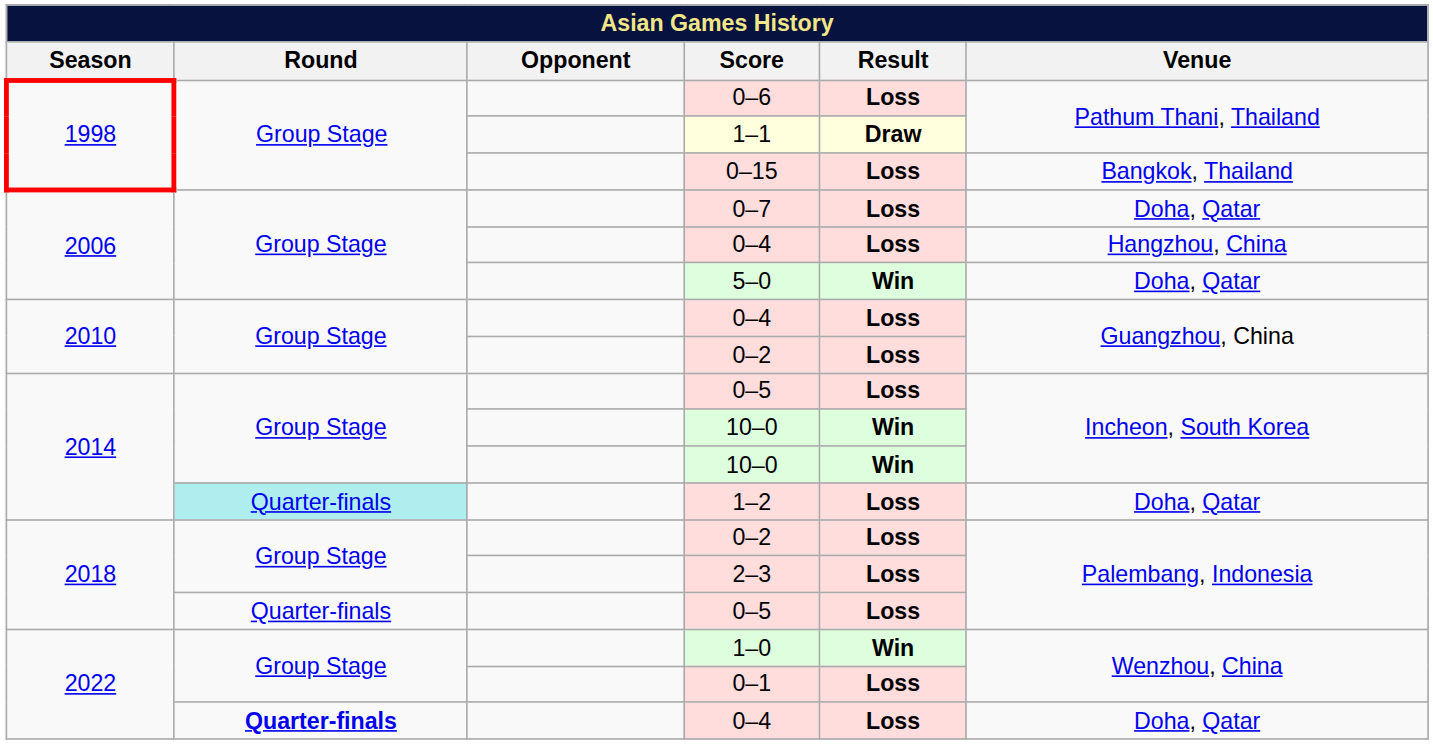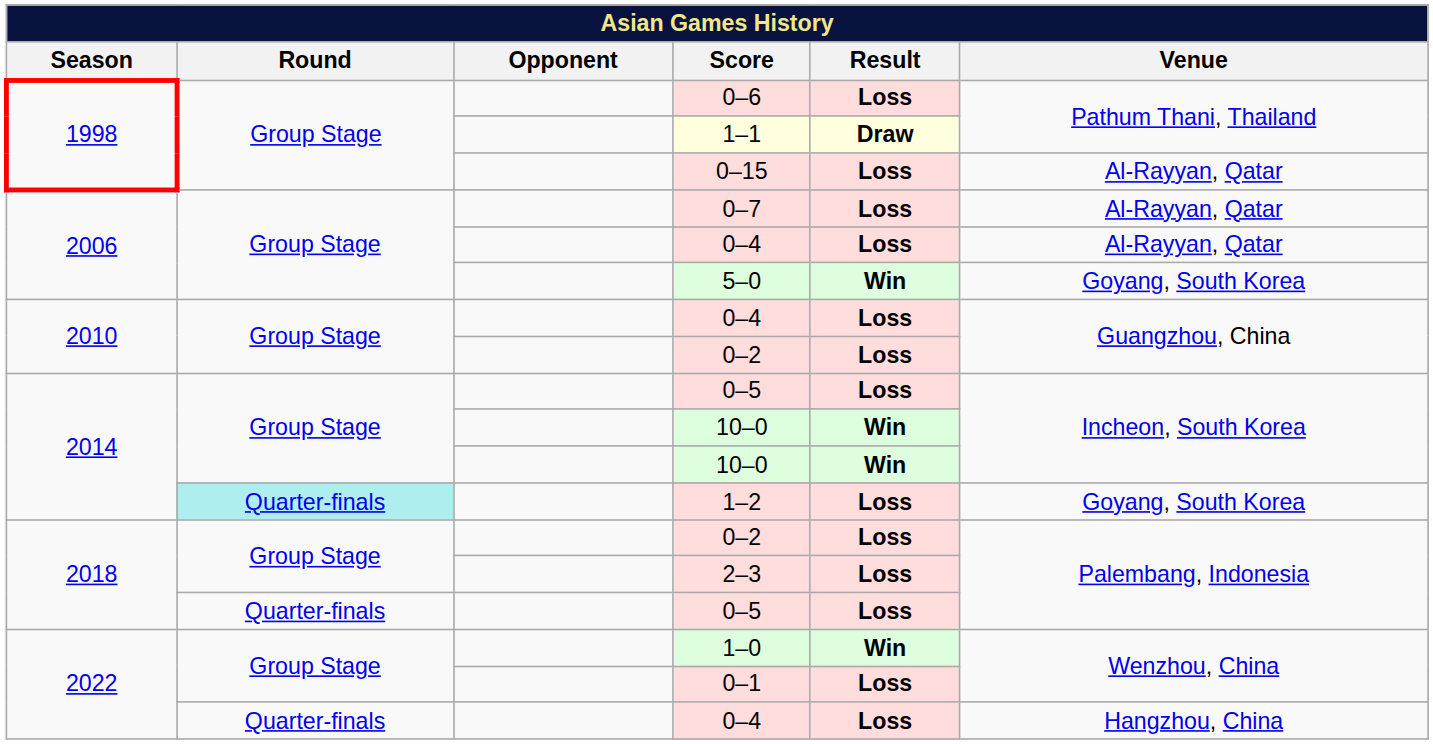 <table class="wikitable collapsible collapsed" style="text-align:center; font-size:90%; width:70%;">
 <tr>
 <th colspan="6" style="background: #07123F; color: #F1E788;">Asian Games History</th>
 </tr>
 <tr>
 <th>Season</th>
 <th>Round</th>
 <th>Opponent</th>
 <th>Score</th>
 <th>Result</th>
 <th>Venue</th>
 </tr>
 <tr>
 <td style="border: 3px solid red" rowspan=3> <a href='#'>1998</a></td>
 <td rowspan=3><a href='#'>Group Stage</a></td>
 <td style="text-align:left"></td>
 <td style="background:#fdd;">0–6</td>
 <td style="background:#fdd;"><strong>Loss</strong></td>
 <td rowspan=2> <a href='#'>Pathum Thani</a>, <a href='#'>Thailand</a></td>
 </tr>
 <tr>
 <td style="text-align:left"></td>
 <td style="background:#ffd;">1–1</td>
 <td style="background:#ffd;"><strong>Draw</strong></td>
 </tr>
 <tr>
 <td style="text-align:left"></td>
 <td style="background:#fdd;">0–15</td>
 <td style="background:#fdd;"><strong>Loss</strong></td>
-<td rowspan=1> <a href='#'>Bangkok</a>, <a href='#'>Thailand</a></td>
+<td rowspan=1> <a href='#'>Al-Rayyan</a>, <a href='#'>Qatar</a></td>
 </tr>
 <tr>
 <td rowspan=3> <a href='#'>2006</a></td>
 <td rowspan=3><a href='#'>Group Stage</a></td>
 <td style="text-align:left"></td>
 <td style="background:#fdd;">0–7</td>
 <td style="background:#fdd;"><strong>Loss</strong></td>
-<td rowspan=1> <a href='#'>Doha</a>, <a href='#'>Qatar</a></td>
+<td rowspan=1> <a href='#'>Al-Rayyan</a>, <a href='#'>Qatar</a></td>
 </tr>
 <tr>
 <td style="text-align:left"></td>
 <td style="background:#fdd;">0–4</td>
 <td style="background:#fdd;"><strong>Loss</strong></td>
-<td rowspan=1> <a href='#'>Hangzhou</a>, <a href='#'>China</a></td>
+<td rowspan=1> <a href='#'>Al-Rayyan</a>, <a href='#'>Qatar</a></td>
 </tr>
 <tr>
 <td style="text-align:left"></td>
 <td style="background:#dfd;">5–0</td>
 <td style="background:#dfd;"><strong>Win</strong></td>
-<td rowspan=1> <a href='#'>Doha</a>, <a href='#'>Qatar</a></td>
+<td rowspan=1> <a href='#'>Goyang</a>, <a href='#'>South Korea</a></td>
 </tr>
 <tr>
 <td rowspan=2> <a href='#'>2010</a></td>
 <td rowspan=2><a href='#'>Group Stage</a></td>
 <td style="text-align:left"></td>
 <td style="background:#fdd;">0–4</td>
 <td style="background:#fdd;"><strong>Loss</strong></td>
 <td rowspan=2> <a href='#'>Guangzhou</a>, China</td>
 </tr>
 <tr>
 <td style="text-align:left"></td>
 <td style="background:#fdd;">0–2</td>
 <td style="background:#fdd;"><strong>Loss</strong></td>
 </tr>
 <tr>
 <td rowspan=4> <a href='#'>2014</a></td>
 <td rowspan=3><a href='#'>Group Stage</a></td>
 <td style="text-align:left"></td>
 <td style="background:#fdd;">0–5</td>
 <td style="background:#fdd;"><strong>Loss</strong></td>
 <td rowspan=3> <a href='#'>Incheon</a>, <a href='#'>South Korea</a></td>
 </tr>
 <tr>
 <td style="text-align:left"></td>
 <td style="background:#dfd;">10–0</td>
 <td style="background:#dfd;"><strong>Win</strong></td>
 </tr>
 <tr>
 <td style="text-align:left"></td>
 <td style="background:#dfd;">10–0</td>
 <td style="background:#dfd;"><strong>Win</strong></td>
 </tr>
 <tr>
 <td rowspan=1 style="background: paleturquoise;"><a href='#'>Quarter-finals</a></td>
 <td style="text-align:left"></td>
 <td style="background:#fdd;">1–2</td>
 <td style="background:#fdd;"><strong>Loss</strong></td>
-<td rowspan=1> <a href='#'>Doha</a>, <a href='#'>Qatar</a></td>
+<td rowspan=1> <a href='#'>Goyang</a>, <a href='#'>South Korea</a></td>
 </tr>
 <tr>
 <td rowspan=3> <a href='#'>2018</a></td>
 <td rowspan=2><a href='#'>Group Stage</a></td>
 <td style="text-align:left"></td>
 <td style="background:#fdd;">0–2</td>
 <td style="background:#fdd;"><strong>Loss</strong></td>
 <td rowspan=3> <a href='#'>Palembang</a>, <a href='#'>Indonesia</a></td>
 </tr>
 <tr>
 <td style="text-align:left"></td>
 <td style="background:#fdd;">2–3</td>
 <td style="background:#fdd;"><strong>Loss</strong></td>
 </tr>
 <tr>
 <td rowspan=1><a href='#'>Quarter-finals</a></td>
 <td style="text-align:left"></td>
 <td style="background:#fdd;">0–5</td>
 <td style="background:#fdd;"><strong>Loss</strong></td>
 </tr>
 <tr>
 <td rowspan=3> <a href='#'>2022</a></td>
 <td rowspan=2><a href='#'>Group Stage</a></td>
 <td style="text-align:left"></td>
 <td style="background:#dfd;">1–0</td>
 <td style="background:#dfd;"><strong>Win</strong></td>
 <td rowspan=2> <a href='#'>Wenzhou</a>, <a href='#'>China</a></td>
 </tr>
 <tr>
 <td style="text-align:left"></td>
 <td style="background:#fdd;">0–1</td>
 <td style="background:#fdd;"><strong>Loss</strong></td>
 </tr>
 <tr>
-<td rowspan=1><strong><a href='#'>Quarter-finals</a></strong></td>
+<td rowspan=1><a href='#'>Quarter-finals</a></td>
 <td style="text-align:left"></td>
 <td style="background:#fdd;">0–4</td>
 <td style="background:#fdd;"><strong>Loss</strong></td>
-<td rowspan=1> <a href='#'>Doha</a>, <a href='#'>Qatar</a></td>
+<td rowspan=1> <a href='#'>Hangzhou</a>, <a href='#'>China</a></td>
 </tr>
 </table>
